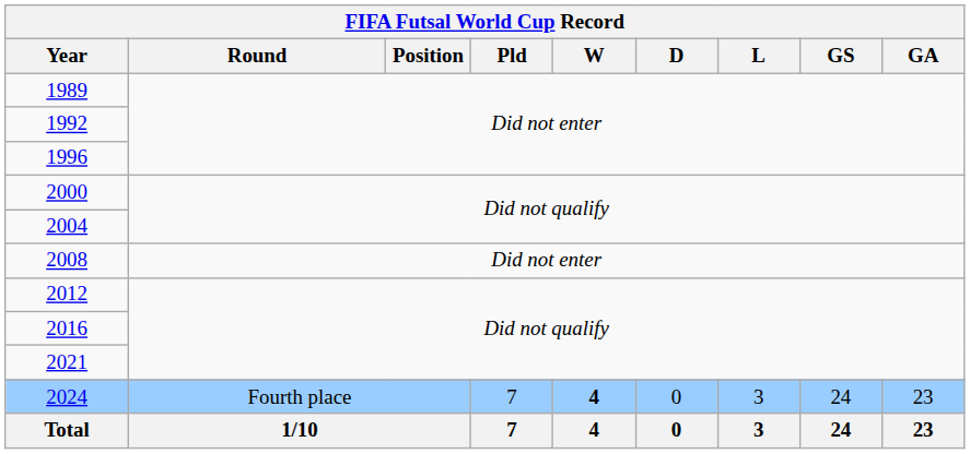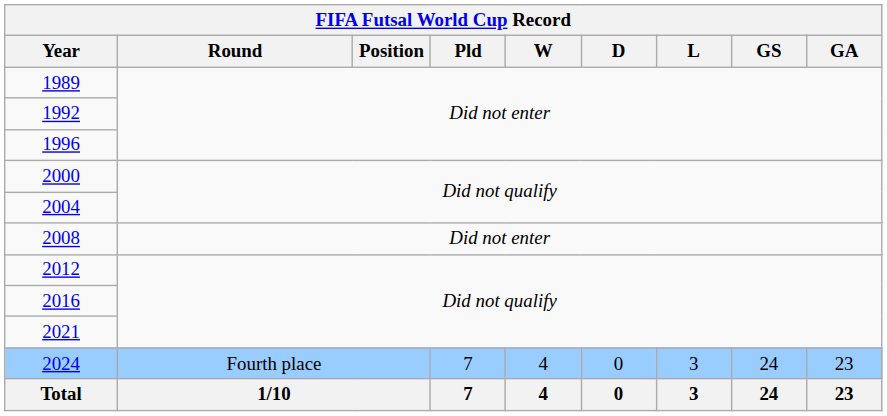 <table class="wikitable" width=50% style="text-align: center;font-size:85%;">
 <tr>
 <th colspan=9><a href='#'>FIFA Futsal World Cup</a> Record</th>
 </tr>
 <tr>
 <th width=12%>Year</th>
 <th width=25%>Round</th>
 <th width=6%>Position</th>
 <th width=8%>Pld</th>
 <th width=8%>W</th>
 <th width=8%>D</th>
 <th width=8%>L</th>
 <th width=8%>GS</th>
 <th width=8%>GA</th>
 </tr>
 <tr>
 <td> <a href='#'>1989</a></td>
 <td rowspan=3 colspan=8><em>Did not enter</em></td>
 </tr>
 <tr>
 <td> <a href='#'>1992</a></td>
 </tr>
 <tr>
 <td> <a href='#'>1996</a></td>
 </tr>
 <tr>
 <td> <a href='#'>2000</a></td>
 <td rowspan=2 colspan=8><em>Did not qualify</em></td>
 </tr>
 <tr>
 <td> <a href='#'>2004</a></td>
 </tr>
 <tr>
 <td> <a href='#'>2008</a></td>
 <td colspan=8><em>Did not enter</em></td>
 </tr>
 <tr>
 <td> <a href='#'>2012</a></td>
 <td rowspan=3 colspan=8><em>Did not qualify</em></td>
 </tr>
 <tr>
 <td> <a href='#'>2016</a></td>
 </tr>
 <tr>
 <td> <a href='#'>2021</a></td>
 </tr>
 <tr style="background:#9acdff;">
 <td> <a href='#'>2024</a></td>
 <td colspan=2>Fourth place</td>
 <td>7</td>
-<td><strong>4</strong></td>
+<td>4</td>
 <td>0</td>
 <td>3</td>
 <td>24</td>
 <td>23</td>
 </tr>
 <tr>
 <th><strong>Total</strong></th>
 <th colspan=2>1/10</th>
 <th>7</th>
 <th>4</th>
 <th>0</th>
 <th>3</th>
 <th>24</th>
 <th>23</th>
 </tr>
 </table>
